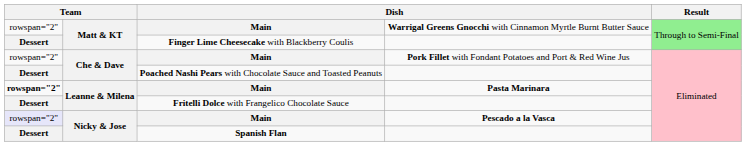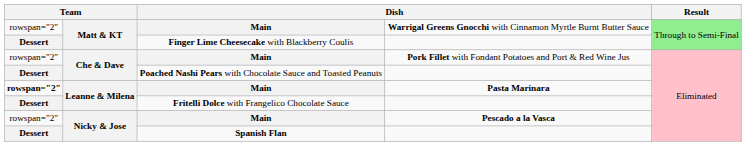 <table class="wikitable plainrowheaders" style="margin:1em auto; text-align:center; font-size:90%; width:80em;">
 <tr>
 <th colspan="2">Team</th>
 <th colspan="2">Dish</th>
 <th>Result</th>
 </tr>
 <tr>
 <td>rowspan="2" </td>
 <th rowspan="2">Matt & KT</th>
 <th>Main</th>
 <td><strong>Warrigal Greens Gnocchi</strong> with Cinnamon Myrtle Burnt Butter Sauce</td>
 <td rowspan="2" style="background:lightgreen">Through to Semi-Final</td>
 </tr>
 <tr>
 <th>Dessert</th>
 <td><strong>Finger Lime Cheesecake</strong> with Blackberry Coulis</td>
 </tr>
 <tr>
 <td>rowspan="2" </td>
 <th rowspan="2">Che & Dave</th>
 <th>Main</th>
 <td><strong>Pork Fillet</strong> with Fondant Potatoes and Port & Red Wine Jus</td>
 <td rowspan="8" style="background:pink">Eliminated</td>
 </tr>
 <tr>
 <th>Dessert</th>
 <td><strong>Poached Nashi Pears</strong> with Chocolate Sauce and Toasted Peanuts</td>
 </tr>
 <tr>
 <td><strong>rowspan="2" </strong></td>
 <th rowspan="2">Leanne & Milena</th>
 <th>Main</th>
 <td><strong>Pasta Marinara</strong></td>
 </tr>
 <tr>
 <th>Dessert</th>
 <td><strong>Fritelli Dolce</strong> with Frangelico Chocolate Sauce</td>
 </tr>
 <tr>
-<td style="background: lavender;">rowspan="2" </td>
+<td>rowspan="2" </td>
 <th rowspan="2">Nicky & Jose</th>
 <th>Main</th>
 <td><strong>Pescado a la Vasca</strong></td>
 </tr>
 <tr>
 <th>Dessert</th>
 <td><strong>Spanish Flan</strong></td>
 </tr>
 </table>
